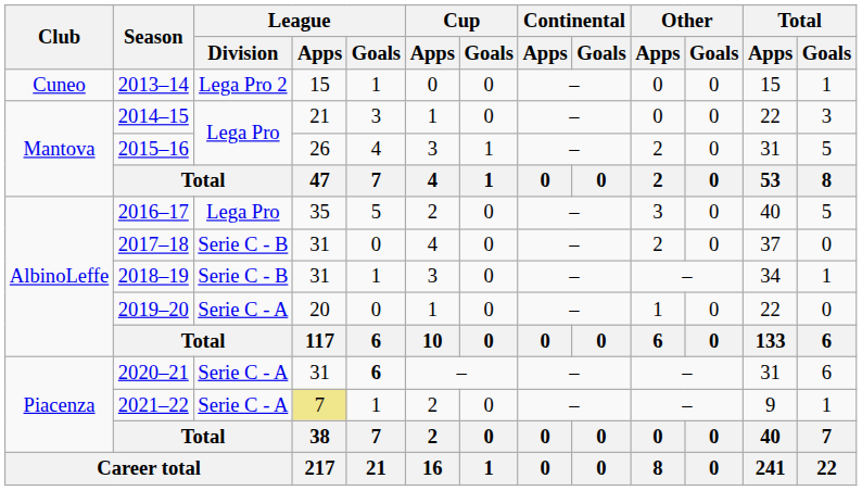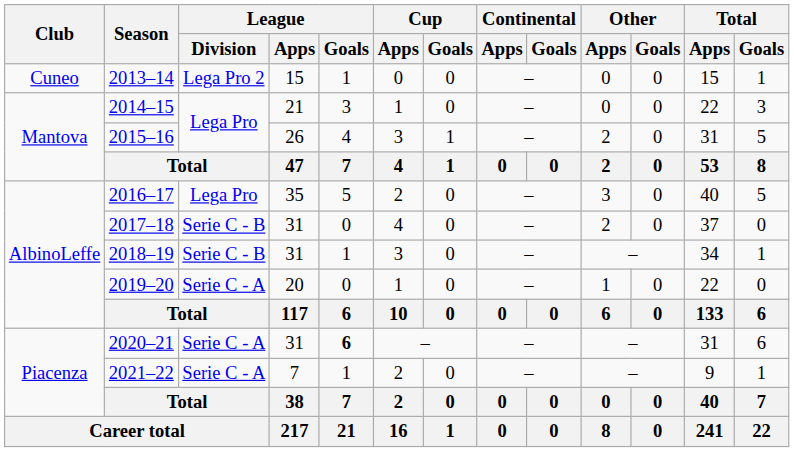 <table class="wikitable" style="text-align: center">
 <tr>
 <th rowspan="2">Club</th>
 <th rowspan="2">Season</th>
 <th colspan="3">League</th>
 <th colspan="2">Cup</th>
 <th colspan="2">Continental</th>
 <th colspan="2">Other</th>
 <th colspan="2">Total</th>
 </tr>
 <tr>
 <th>Division</th>
 <th>Apps</th>
 <th>Goals</th>
 <th>Apps</th>
 <th>Goals</th>
 <th>Apps</th>
 <th>Goals</th>
 <th>Apps</th>
 <th>Goals</th>
 <th>Apps</th>
 <th>Goals</th>
 </tr>
 <tr>
 <td><a href='#'>Cuneo</a></td>
 <td><a href='#'>2013–14</a></td>
 <td><a href='#'>Lega Pro 2</a></td>
 <td>15</td>
 <td>1</td>
 <td>0</td>
 <td>0</td>
 <td colspan="2">–</td>
 <td>0</td>
 <td>0</td>
 <td>15</td>
 <td>1</td>
 </tr>
 <tr>
 <td rowspan="3"><a href='#'>Mantova</a></td>
 <td><a href='#'>2014–15</a></td>
 <td rowspan="2"><a href='#'>Lega Pro</a></td>
 <td>21</td>
 <td>3</td>
 <td>1</td>
 <td>0</td>
 <td colspan="2">–</td>
 <td>0</td>
 <td>0</td>
 <td>22</td>
 <td>3</td>
 </tr>
 <tr>
 <td><a href='#'>2015–16</a></td>
 <td>26</td>
 <td>4</td>
 <td>3</td>
 <td>1</td>
 <td colspan="2">–</td>
 <td>2</td>
 <td>0</td>
 <td>31</td>
 <td>5</td>
 </tr>
 <tr>
 <th colspan="2">Total</th>
 <th>47</th>
 <th>7</th>
 <th>4</th>
 <th>1</th>
 <th>0</th>
 <th>0</th>
 <th>2</th>
 <th>0</th>
 <th>53</th>
 <th>8</th>
 </tr>
 <tr>
 <td rowspan="5"><a href='#'>AlbinoLeffe</a></td>
 <td><a href='#'>2016–17</a></td>
 <td><a href='#'>Lega Pro</a></td>
 <td>35</td>
 <td>5</td>
 <td>2</td>
 <td>0</td>
 <td colspan="2">–</td>
 <td>3</td>
 <td>0</td>
 <td>40</td>
 <td>5</td>
 </tr>
 <tr>
 <td><a href='#'>2017–18</a></td>
 <td><a href='#'>Serie C - B</a></td>
 <td>31</td>
 <td>0</td>
 <td>4</td>
 <td>0</td>
 <td colspan="2">–</td>
 <td>2</td>
 <td>0</td>
 <td>37</td>
 <td>0</td>
 </tr>
 <tr>
 <td><a href='#'>2018–19</a></td>
 <td><a href='#'>Serie C - B</a></td>
 <td>31</td>
 <td>1</td>
 <td>3</td>
 <td>0</td>
 <td colspan="2">–</td>
 <td colspan="2">–</td>
 <td>34</td>
 <td>1</td>
 </tr>
 <tr>
 <td><a href='#'>2019–20</a></td>
 <td><a href='#'>Serie C - A</a></td>
 <td>20</td>
 <td>0</td>
 <td>1</td>
 <td>0</td>
 <td colspan="2">–</td>
 <td>1</td>
 <td>0</td>
 <td>22</td>
 <td>0</td>
 </tr>
 <tr>
 <th colspan="2">Total</th>
 <th>117</th>
 <th>6</th>
 <th>10</th>
 <th>0</th>
 <th>0</th>
 <th>0</th>
 <th>6</th>
 <th>0</th>
 <th>133</th>
 <th>6</th>
 </tr>
 <tr>
 <td rowspan="3"><a href='#'>Piacenza</a></td>
 <td><a href='#'>2020–21</a></td>
 <td><a href='#'>Serie C - A</a></td>
 <td>31</td>
 <td><strong>6</strong></td>
 <td colspan="2">–</td>
 <td colspan="2">–</td>
 <td colspan="2">–</td>
 <td>31</td>
 <td>6</td>
 </tr>
 <tr>
 <td><a href='#'>2021–22</a></td>
 <td><a href='#'>Serie C - A</a></td>
-<td style="background: khaki;">7</td>
+<td>7</td>
 <td>1</td>
 <td>2</td>
 <td>0</td>
 <td colspan="2">–</td>
 <td colspan="2">–</td>
 <td>9</td>
 <td>1</td>
 </tr>
 <tr>
 <th colspan="2">Total</th>
 <th>38</th>
 <th>7</th>
 <th>2</th>
 <th>0</th>
 <th>0</th>
 <th>0</th>
 <th>0</th>
 <th>0</th>
 <th>40</th>
 <th>7</th>
 </tr>
 <tr>
 <th colspan=3>Career total</th>
 <th>217</th>
 <th>21</th>
 <th>16</th>
 <th>1</th>
 <th>0</th>
 <th>0</th>
 <th>8</th>
 <th>0</th>
 <th>241</th>
 <th>22</th>
 </tr>
 </table>
